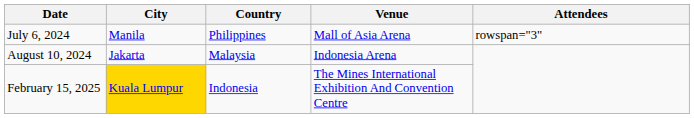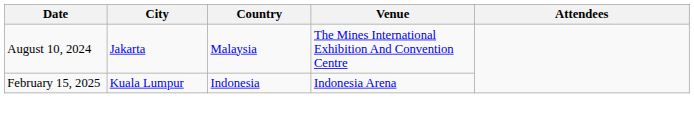 <table class="wikitable">
 <tr>
 <th style="width:150px;">Date</th>
 <th style="width:150px;">City</th>
 <th style="width:150px;">Country</th>
 <th style="width:250px;">Venue</th>
 <th style="width:350px;">Attendees</th>
 </tr>
 <tr>
-<td>July 6, 2024</td>
-<td><a href='#'>Manila</a></td>
-<td><a href='#'>Philippines</a></td>
-<td><a href='#'>Mall of Asia Arena</a></td>
-<td>rowspan="3" </td>
-</tr>
-<tr>
 <td>August 10, 2024</td>
 <td><a href='#'>Jakarta</a></td>
 <td><a href='#'>Malaysia</a></td>
-<td><a href='#'>Indonesia Arena</a></td>
+<td><a href='#'>The Mines International Exhibition And Convention Centre</a></td>
 </tr>
 <tr>
 <td>February 15, 2025</td>
-<td style="background: gold;"><a href='#'>Kuala Lumpur</a></td>
+<td><a href='#'>Kuala Lumpur</a></td>
 <td><a href='#'>Indonesia</a></td>
-<td><a href='#'>The Mines International Exhibition And Convention Centre</a></td>
+<td><a href='#'>Indonesia Arena</a></td>
 </tr>
 </table>
